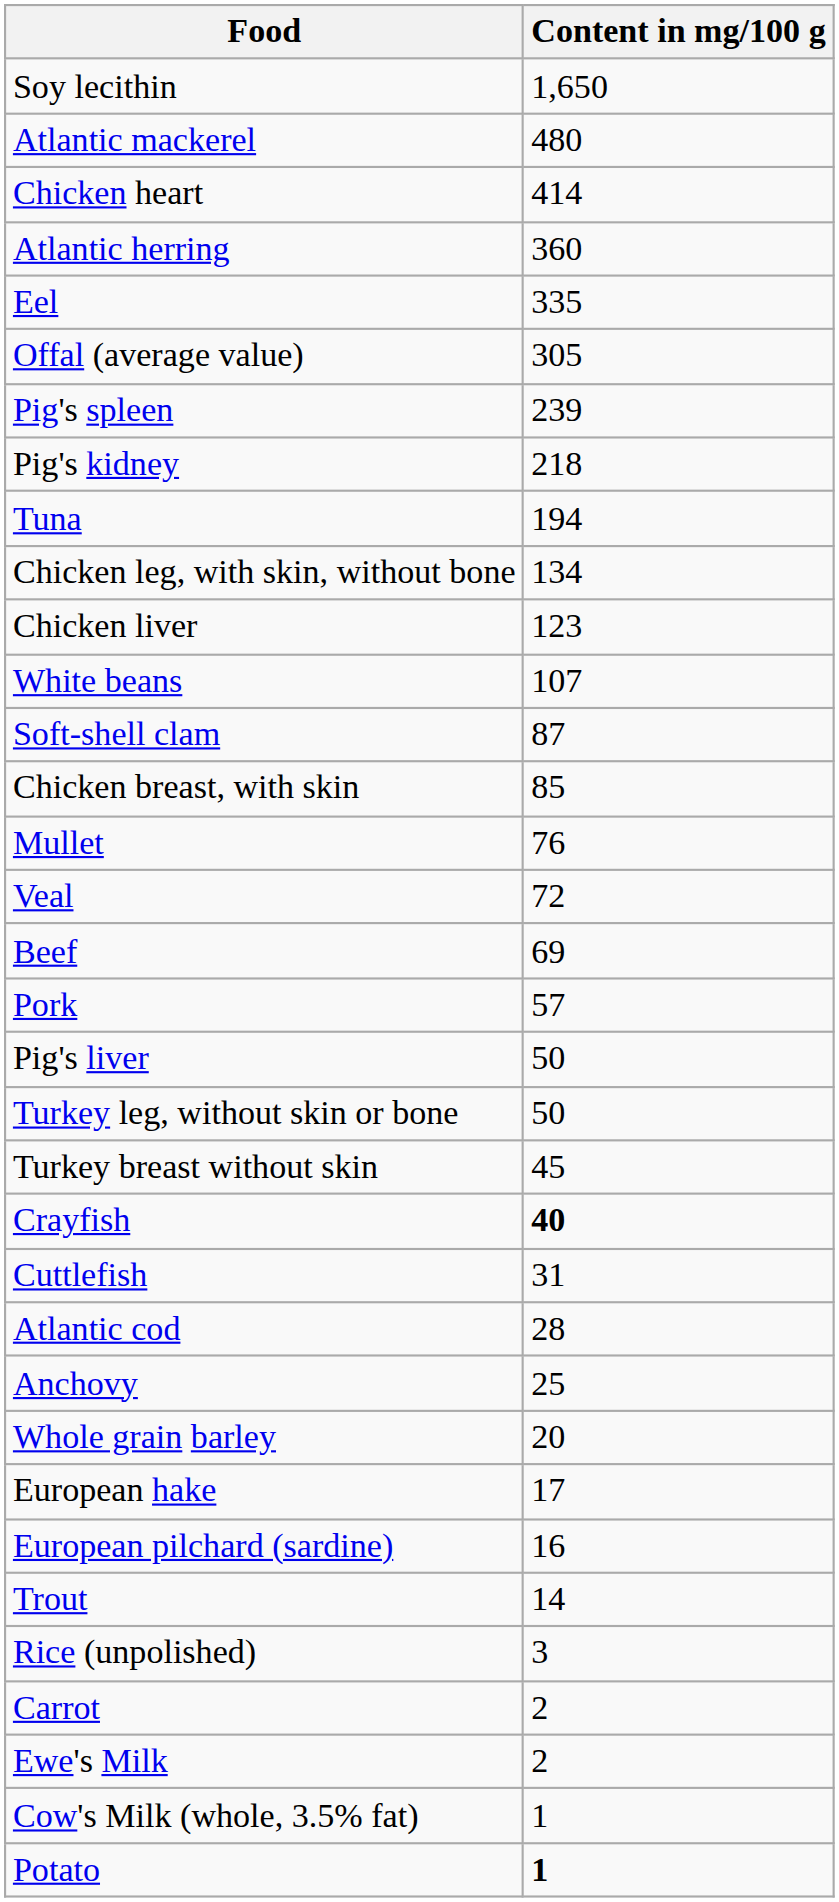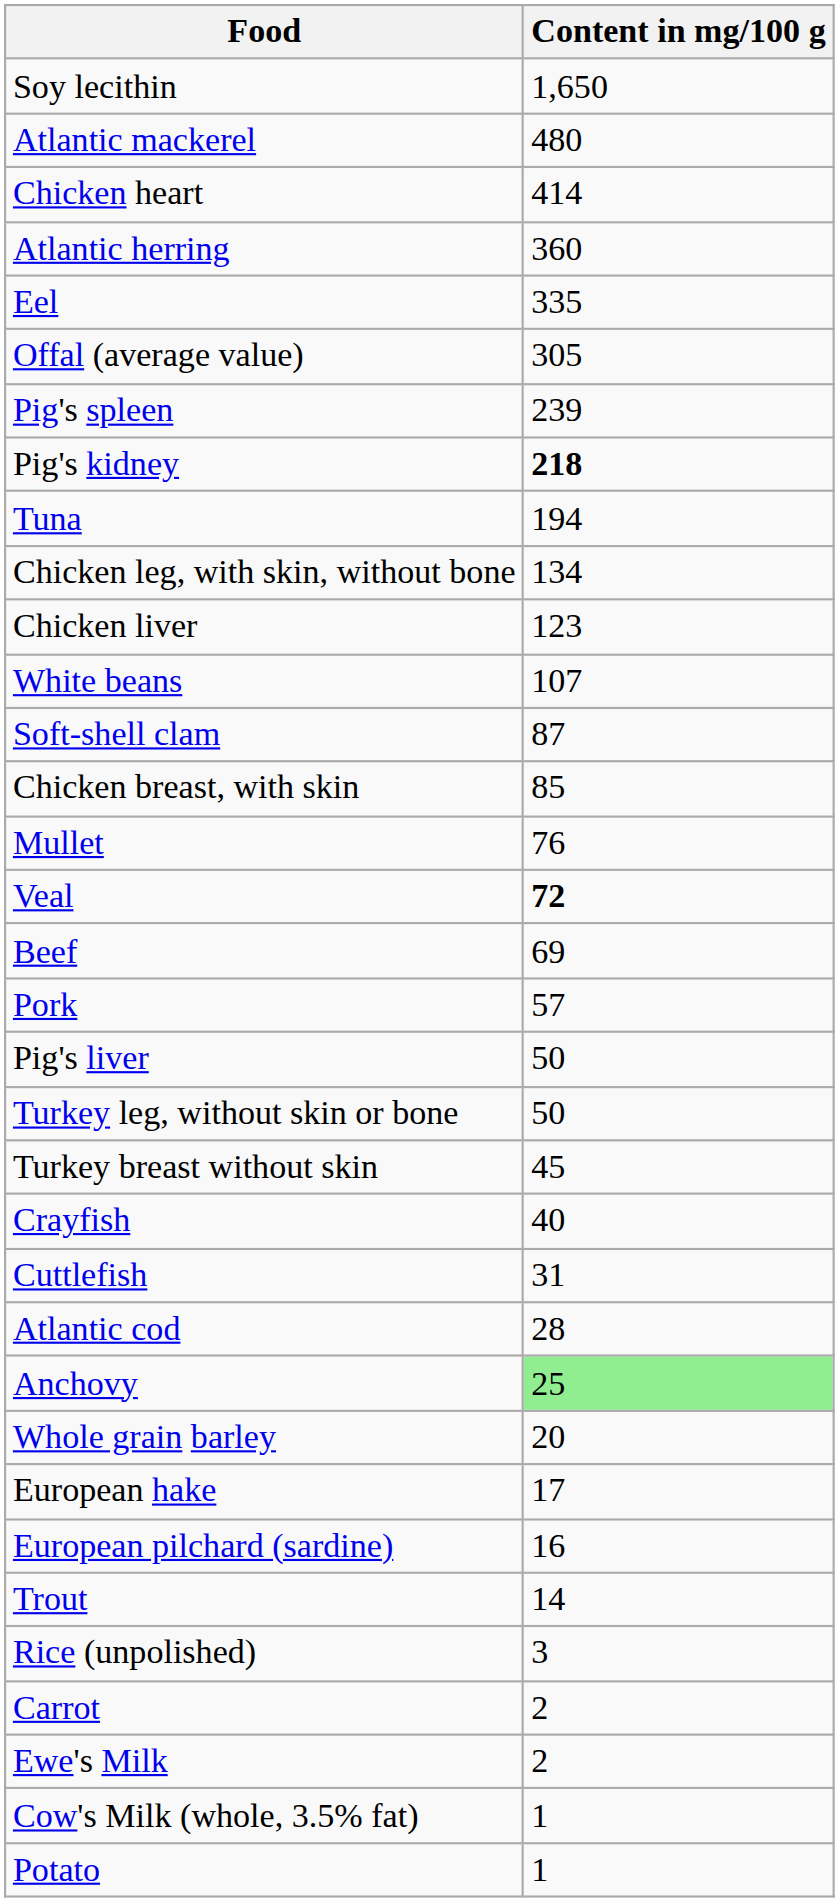 <table class="wikitable">
 <tr>
 <th>Food</th>
 <th>Content in mg/100 g</th>
 </tr>
 <tr>
 <td>Soy lecithin</td>
 <td>1,650</td>
 </tr>
 <tr>
 <td><a href='#'>Atlantic mackerel</a></td>
 <td>480</td>
 </tr>
 <tr>
 <td><a href='#'>Chicken</a> heart</td>
 <td>414</td>
 </tr>
 <tr>
 <td><a href='#'>Atlantic herring</a></td>
 <td>360</td>
 </tr>
 <tr>
 <td><a href='#'>Eel</a></td>
 <td>335</td>
 </tr>
 <tr>
 <td><a href='#'>Offal</a> (average value)</td>
 <td>305</td>
 </tr>
 <tr>
 <td><a href='#'>Pig</a>'s <a href='#'>spleen</a></td>
 <td>239</td>
 </tr>
 <tr>
 <td>Pig's <a href='#'>kidney</a></td>
-<td>218</td>
+<td><strong>218</strong></td>
 </tr>
 <tr>
 <td><a href='#'>Tuna</a></td>
 <td>194</td>
 </tr>
 <tr>
 <td>Chicken leg, with skin, without bone</td>
 <td>134</td>
 </tr>
 <tr>
 <td>Chicken liver</td>
 <td>123</td>
 </tr>
 <tr>
 <td><a href='#'>White beans</a></td>
 <td>107</td>
 </tr>
 <tr>
 <td><a href='#'>Soft-shell clam</a></td>
 <td>87</td>
 </tr>
 <tr>
 <td>Chicken breast, with skin</td>
 <td>85</td>
 </tr>
 <tr>
 <td><a href='#'>Mullet</a></td>
 <td>76</td>
 </tr>
 <tr>
 <td><a href='#'>Veal</a></td>
-<td>72</td>
+<td><strong>72</strong></td>
 </tr>
 <tr>
 <td><a href='#'>Beef</a></td>
 <td>69</td>
 </tr>
 <tr>
 <td><a href='#'>Pork</a></td>
 <td>57</td>
 </tr>
 <tr>
 <td>Pig's <a href='#'>liver</a></td>
 <td>50</td>
 </tr>
 <tr>
 <td><a href='#'>Turkey</a> leg, without skin or bone</td>
 <td>50</td>
 </tr>
 <tr>
 <td>Turkey breast without skin</td>
 <td>45</td>
 </tr>
 <tr>
 <td><a href='#'>Crayfish</a></td>
-<td><strong>40</strong></td>
+<td>40</td>
 </tr>
 <tr>
 <td><a href='#'>Cuttlefish</a></td>
 <td>31</td>
 </tr>
 <tr>
 <td><a href='#'>Atlantic cod</a></td>
 <td>28</td>
 </tr>
 <tr>
 <td><a href='#'>Anchovy</a></td>
-<td>25</td>
+<td style="background: lightgreen;">25</td>
 </tr>
 <tr>
 <td><a href='#'>Whole grain</a> <a href='#'>barley</a></td>
 <td>20</td>
 </tr>
 <tr>
 <td>European <a href='#'>hake</a></td>
 <td>17</td>
 </tr>
 <tr>
 <td><a href='#'>European pilchard (sardine)</a></td>
 <td>16</td>
 </tr>
 <tr>
 <td><a href='#'>Trout</a></td>
 <td>14</td>
 </tr>
 <tr>
 <td><a href='#'>Rice</a> (unpolished)</td>
 <td>3</td>
 </tr>
 <tr>
 <td><a href='#'>Carrot</a></td>
 <td>2</td>
 </tr>
 <tr>
 <td><a href='#'>Ewe</a>'s <a href='#'>Milk</a></td>
 <td>2</td>
 </tr>
 <tr>
 <td><a href='#'>Cow</a>'s Milk (whole, 3.5% fat)</td>
 <td>1</td>
 </tr>
 <tr>
 <td><a href='#'>Potato</a></td>
-<td><strong>1</strong></td>
+<td>1</td>
 </tr>
 </table>
